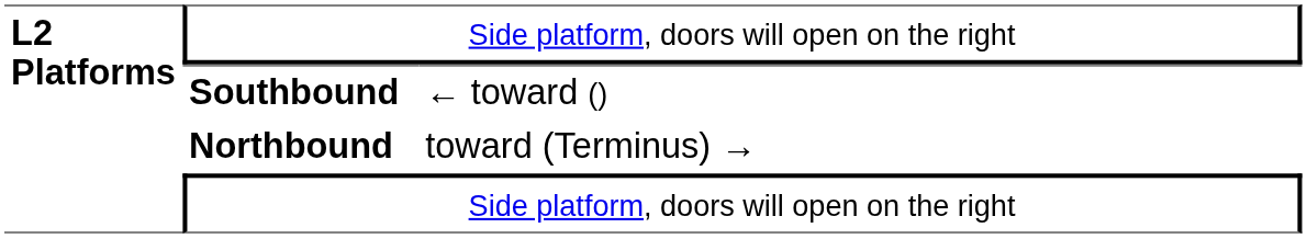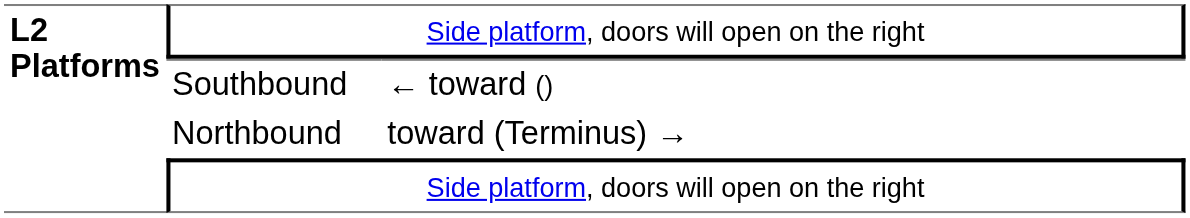 <table table border=0 cellspacing=0 cellpadding=3>
 <tr>
 <td style="border-top:solid 1px gray;border-bottom:solid 1px gray;" width=50 rowspan=10 valign=top><strong>L2<br>Platforms</strong></td>
 <td style="border-top:solid 1px gray;border-right:solid 2px black;border-left:solid 2px black;border-bottom:solid 2px black;text-align:center;" colspan=2><small><a href='#'>Side platform</a>, doors will open on the right</small></td>
 </tr>
 <tr>
-<td style="border-bottom:solid 0px gray;border-top:solid 1px gray;" width=100><strong>Southbound</strong></td>
+<td style="border-bottom:solid 0px gray;border-top:solid 1px gray;" width=100>Southbound</td>
 <td style="border-bottom:solid 0px gray;border-top:solid 1px gray;" width=390>←  toward  <small>()</small></td>
 </tr>
 <tr>
-<td><strong>Northbound</strong></td>
+<td>Northbound</td>
 <td>  toward  (Terminus) →</td>
 </tr>
 <tr>
 <td style="border-top:solid 2px black;border-right:solid 2px black;border-left:solid 2px black;border-bottom:solid 1px gray;text-align:center;" colspan=2><small><a href='#'>Side platform</a>, doors will open on the right</small></td>
 </tr>
 </table>
